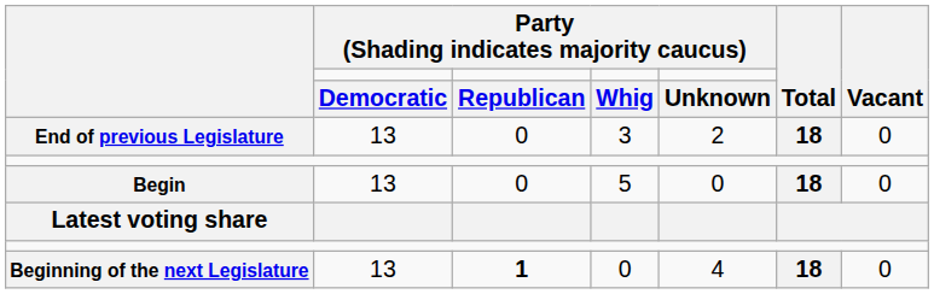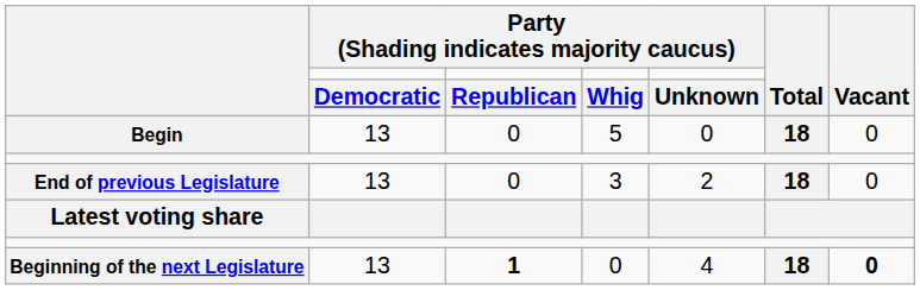 <table class=wikitable style="text-align:center">
 <tr style="vertical-align:bottom;">
 <th rowspan=3></th>
 <th colspan=4>Party <div>(Shading indicates majority caucus)</div></th>
 <th rowspan=3>Total</th>
 <th rowspan=3>Vacant</th>
 </tr>
 <tr style="height:5px">
 <td style="background-color:"></td>
 <td style="background-color:"></td>
 <td style="background-color:"></td>
 <td style="background-color:"></td>
 </tr>
 <tr>
 <th><a href='#'>Democratic</a></th>
 <th><a href='#'>Republican</a></th>
 <th><a href='#'>Whig</a></th>
 <th>Unknown</th>
 </tr>
 <tr>
-<th style="white-space:nowrap; font-size:80%;">End of <a href='#'>previous Legislature</a></th>
+<th style="font-size:80%">Begin</th>
 <td>13</td>
 <td>0</td>
-<td>3</td>
-<td>2</td>
+<td>5</td>
+<td>0</td>
 <th>18</th>
 <td>0</td>
 </tr>
 <tr>
 <td colspan=7></td>
 </tr>
 <tr>
-<th style="font-size:80%">Begin</th>
+<th style="white-space:nowrap; font-size:80%;">End of <a href='#'>previous Legislature</a></th>
 <td>13</td>
 <td>0</td>
-<td>5</td>
-<td>0</td>
+<td>3</td>
+<td>2</td>
 <th>18</th>
 <td>0</td>
 </tr>
 <tr>
 <th>Latest voting share</th>
 <th></th>
 <th></th>
 <th></th>
 <th></th>
 <th colspan=2></th>
 </tr>
 <tr>
 <td colspan=7></td>
 </tr>
 <tr>
 <th style="white-space:nowrap; font-size:80%;">Beginning of the <a href='#'>next Legislature</a></th>
 <td>13</td>
 <td><strong>1</strong></td>
 <td>0</td>
 <td>4</td>
 <th>18</th>
-<td>0</td>
+<td><strong>0</strong></td>
 </tr>
 </table>
